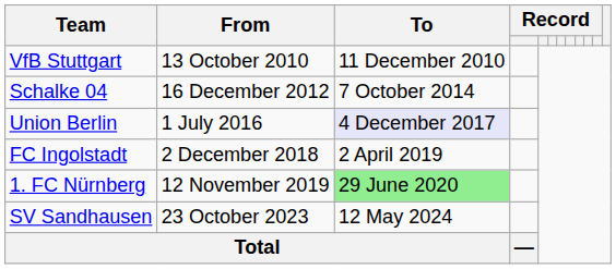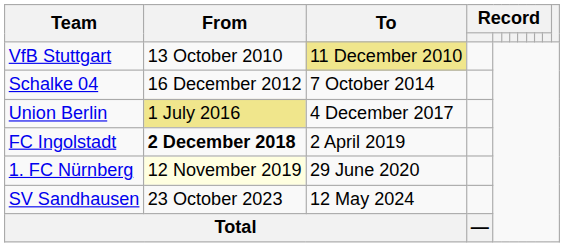 <table class="wikitable" style="text-align: center">
 <tr>
 <th rowspan="2">Team</th>
 <th rowspan="2">From</th>
 <th rowspan="2">To</th>
 <th colspan="8">Record</th>
 <th rowspan=2></th>
 </tr>
 <tr>
 <th></th>
 <th></th>
 <th></th>
 <th></th>
 <th></th>
 <th></th>
 <th></th>
 <th></th>
 </tr>
 <tr>
 <td align="left"><a href='#'>VfB Stuttgart</a></td>
 <td align=left>13 October 2010</td>
-<td align=left>11 December 2010<br></td>
+<td align=left style="background: khaki;">11 December 2010<br></td>
 <td></td>
 </tr>
 <tr>
 <td align="left"><a href='#'>Schalke 04</a></td>
 <td align=left>16 December 2012</td>
 <td align=left>7 October 2014<br></td>
 <td></td>
 </tr>
 <tr>
 <td align="left"><a href='#'>Union Berlin</a></td>
-<td align=left>1 July 2016</td>
-<td align=left style="background: lavender;">4 December 2017<br></td>
+<td align=left style="background: khaki;">1 July 2016</td>
+<td align=left>4 December 2017<br></td>
 <td></td>
 </tr>
 <tr>
 <td align=left><a href='#'>FC Ingolstadt</a></td>
-<td align=left>2 December 2018</td>
+<td align=left><strong>2 December 2018</strong></td>
 <td align=left>2 April 2019<br></td>
 <td></td>
 </tr>
 <tr>
 <td align=left><a href='#'>1. FC Nürnberg</a></td>
-<td align=left>12 November 2019</td>
-<td align=left style="background: lightgreen;">29 June 2020<br></td>
+<td align=left style="background: lightyellow;">12 November 2019</td>
+<td align=left>29 June 2020<br></td>
 <td></td>
 </tr>
 <tr>
 <td align=left><a href='#'>SV Sandhausen</a></td>
 <td align=left>23 October 2023</td>
 <td align=left>12 May 2024<br></td>
 <td></td>
 </tr>
 <tr>
 <th colspan=3>Total<br></th>
 <th>—</th>
 </tr>
 </table>
